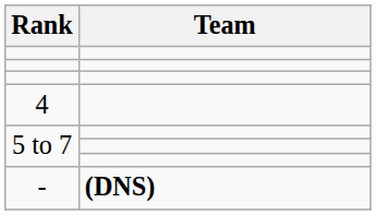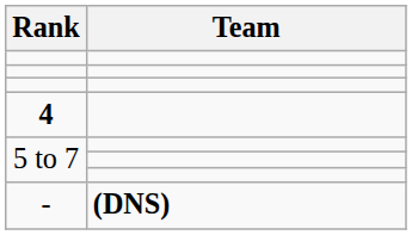 <table class=wikitable style="text-align:center;">
 <tr>
 <th>Rank</th>
 <th width=170>Team</th>
 </tr>
 <tr>
 <td></td>
 <td align=left><strong></strong></td>
 </tr>
 <tr>
 <td></td>
 <td align=left></td>
 </tr>
 <tr>
 <td></td>
 <td align=left></td>
 </tr>
 <tr>
-<td>4</td>
+<td><strong>4</strong></td>
 <td align=left></td>
 </tr>
 <tr>
 <td rowspan="3">5 to 7</td>
 <td align=left></td>
 </tr>
 <tr>
 <td align=left></td>
 </tr>
 <tr>
 <td align=left></td>
 </tr>
 <tr>
 <td>-</td>
 <td align=left><strong> (DNS)</strong></td>
 </tr>
 </table>
